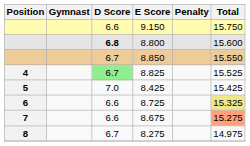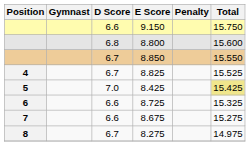 <table class="wikitable sortable" style="text-align:center; font-size:95%">
 <tr>
 <th>Position</th>
 <th>Gymnast</th>
 <th>D Score</th>
 <th>E Score</th>
 <th>Penalty</th>
 <th>Total</th>
 </tr>
 <tr bgcolor=fffcaf>
 <td></td>
 <td align=left></td>
 <td>6.6</td>
 <td>9.150</td>
 <td></td>
 <td>15.750</td>
 </tr>
 <tr bgcolor=e5e5e5>
 <td></td>
 <td align=left></td>
-<td><strong>6.8</strong></td>
+<td>6.8</td>
 <td>8.800</td>
 <td></td>
 <td>15.600</td>
 </tr>
 <tr bgcolor=eecc99>
 <td></td>
 <td align=left></td>
 <td>6.7</td>
 <td>8.850</td>
 <td></td>
 <td>15.550</td>
 </tr>
 <tr>
 <th><strong>4</strong></th>
 <td align=left></td>
-<td style="background: lightgreen;">6.7</td>
+<td>6.7</td>
 <td>8.825</td>
 <td></td>
 <td>15.525</td>
 </tr>
 <tr>
 <th><strong>5</strong></th>
 <td align=left></td>
 <td>7.0</td>
 <td>8.425</td>
 <td></td>
-<td>15.425</td>
+<td style="background: khaki;">15.425</td>
 </tr>
 <tr>
 <th><strong>6</strong></th>
 <td align=left></td>
 <td>6.6</td>
 <td>8.725</td>
 <td></td>
-<td style="background: khaki;">15.325</td>
+<td>15.325</td>
 </tr>
 <tr>
 <th><strong>7</strong></th>
 <td align=left></td>
 <td>6.6</td>
 <td>8.675</td>
 <td></td>
-<td style="background: lightsalmon;">15.275</td>
+<td>15.275</td>
 </tr>
 <tr>
 <th><strong>8</strong></th>
 <td align=left></td>
 <td>6.7</td>
 <td>8.275</td>
 <td></td>
 <td>14.975</td>
 </tr>
 <tr>
 </tr>
 </table>
